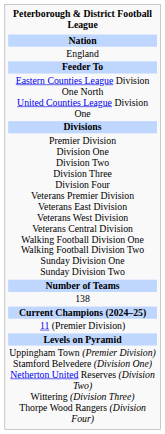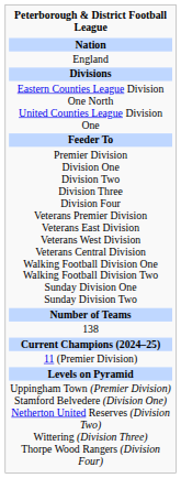 <table class="infobox football" style="width: 16em; text-align: center;">
 <tr>
 <th style="">Peterborough & District Football League</th>
 </tr>
 <tr>
 <td style="line-height: 15px;"></td>
 </tr>
 <tr>
 <td style="background: #BFD7FF;"><strong>Nation</strong></td>
 </tr>
 <tr>
 <td style="">England</td>
 </tr>
 <tr>
-<td style="background: #BFD7FF;"><strong>Feeder To</strong></td>
+<td style="background: #BFD7FF;"><strong>Divisions</strong></td>
 </tr>
 <tr>
 <td style=""><a href='#'>Eastern Counties League</a> Division One North<br><a href='#'>United Counties League</a> Division One</td>
 </tr>
 <tr>
-<td style="background: #BFD7FF;"><strong>Divisions</strong></td>
+<td style="background: #BFD7FF;"><strong>Feeder To</strong></td>
 </tr>
 <tr>
 <td style="">Premier Division<br>Division One<br>Division Two<br>Division Three<br>Division Four<br>Veterans Premier Division<br>Veterans East Division<br>Veterans West Division<br>Veterans Central Division<br>Walking Football Division One<br>Walking Football Division Two<br>Sunday Division One<br>Sunday Division Two</td>
 </tr>
 <tr>
 <td style="background: #BFD7FF;"><strong>Number of Teams</strong></td>
 </tr>
 <tr>
 <td style="">138</td>
 </tr>
 <tr>
 <td style="background: #BFD7FF;"><strong>Current Champions (2024–25)</strong></td>
 </tr>
 <tr>
 <td style=""><a href='#'>11</a> (Premier Division)</td>
 </tr>
 <tr>
 <td style="background: #BFD7FF;"><strong>Levels on Pyramid</strong></td>
 </tr>
 <tr>
 <td style="">Uppingham Town <em>(Premier Division)</em><br>Stamford Belvedere <em>(Division One)</em><br><a href='#'>Netherton United</a> Reserves <em>(Division Two)</em><br>Wittering <em>(Division Three)</em><br>Thorpe Wood Rangers <em>(Division Four)</em></td>
 </tr>
 <tr>
 </tr>
 </table>
